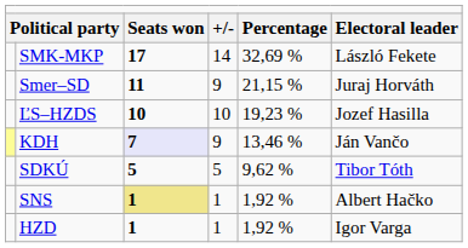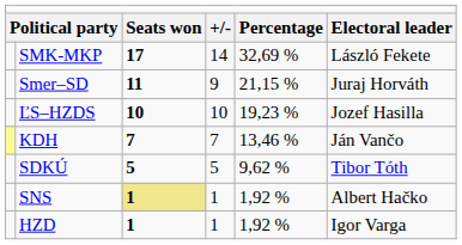 <table class="wikitable" style="text-align: left;">
 <tr>
 <td colspan="6"></td>
 </tr>
 <tr>
 <th colspan="2">Political party</th>
 <th>Seats won</th>
 <th>+/-</th>
 <th>Percentage</th>
 <th>Electoral leader</th>
 </tr>
 <tr>
 <td style="background:"></td>
 <td><a href='#'>SMK-MKP</a></td>
 <td><strong>17</strong></td>
 <td> 14</td>
 <td>32,69 %</td>
 <td>László Fekete</td>
 </tr>
 <tr>
 <td style="background:"></td>
 <td><a href='#'>Smer–SD</a></td>
 <td><strong>11</strong></td>
 <td> 9</td>
 <td>21,15 %</td>
 <td>Juraj Horváth</td>
 </tr>
 <tr>
 <td style="background:"></td>
 <td><a href='#'>ĽS–HZDS</a></td>
 <td><strong>10</strong></td>
 <td> 10</td>
 <td>19,23 %</td>
 <td>Jozef Hasilla</td>
 </tr>
 <tr>
 <td style="background:#fdfd96"></td>
 <td><a href='#'>KDH</a></td>
-<td style="background: lavender;"><strong>7</strong></td>
-<td> 9</td>
+<td><strong>7</strong></td>
+<td> 7</td>
 <td>13,46 %</td>
 <td>Ján Vančo</td>
 </tr>
 <tr>
 <td style="background:"></td>
 <td><a href='#'>SDKÚ</a></td>
 <td><strong>5</strong></td>
 <td> 5</td>
 <td>9,62 %</td>
 <td><a href='#'>Tibor Tóth</a></td>
 </tr>
 <tr>
 <td style="background:"></td>
 <td><a href='#'>SNS</a></td>
 <td style="background: khaki;"><strong>1</strong></td>
 <td> 1</td>
 <td>1,92 %</td>
 <td>Albert Hačko</td>
 </tr>
 <tr>
 <td style="background:"></td>
 <td><a href='#'>HZD</a></td>
 <td><strong>1</strong></td>
 <td> 1</td>
 <td>1,92 %</td>
 <td>Igor Varga</td>
 </tr>
 </table>
